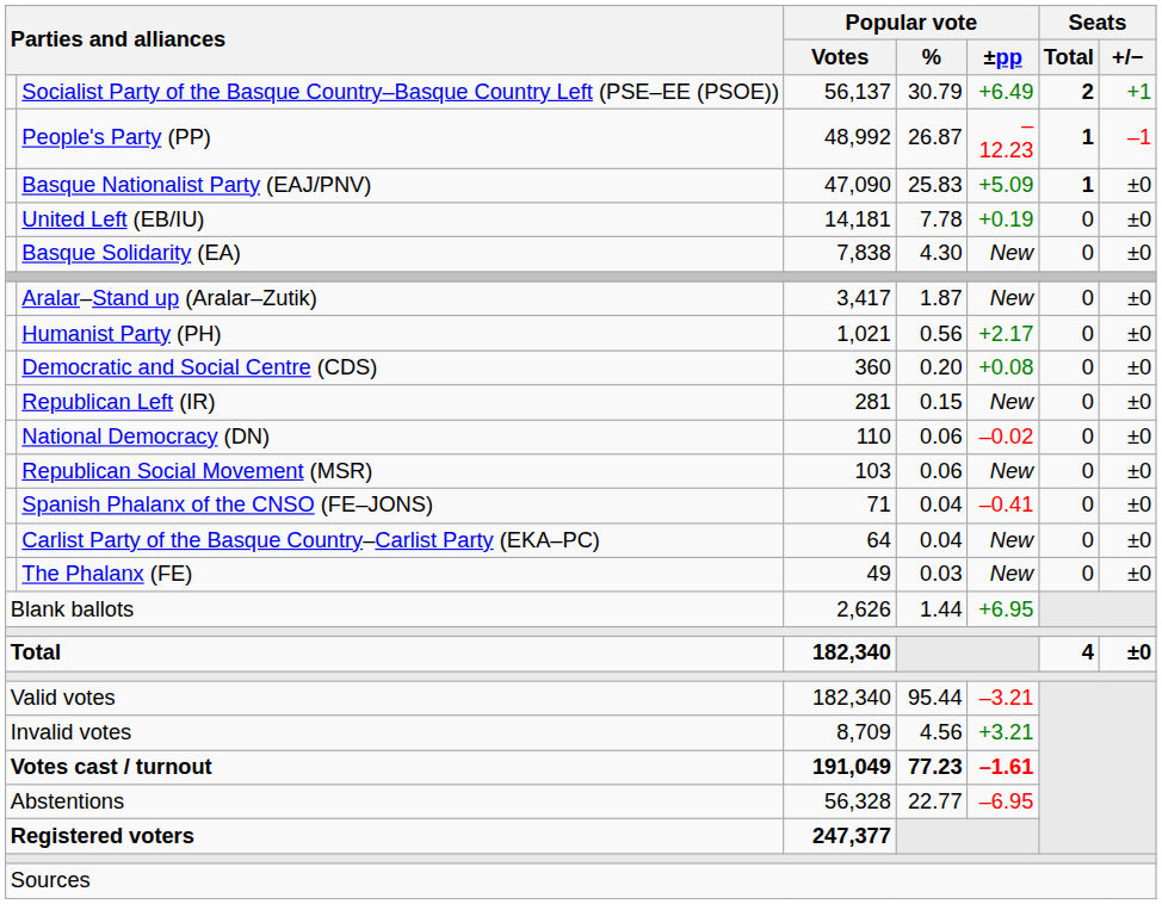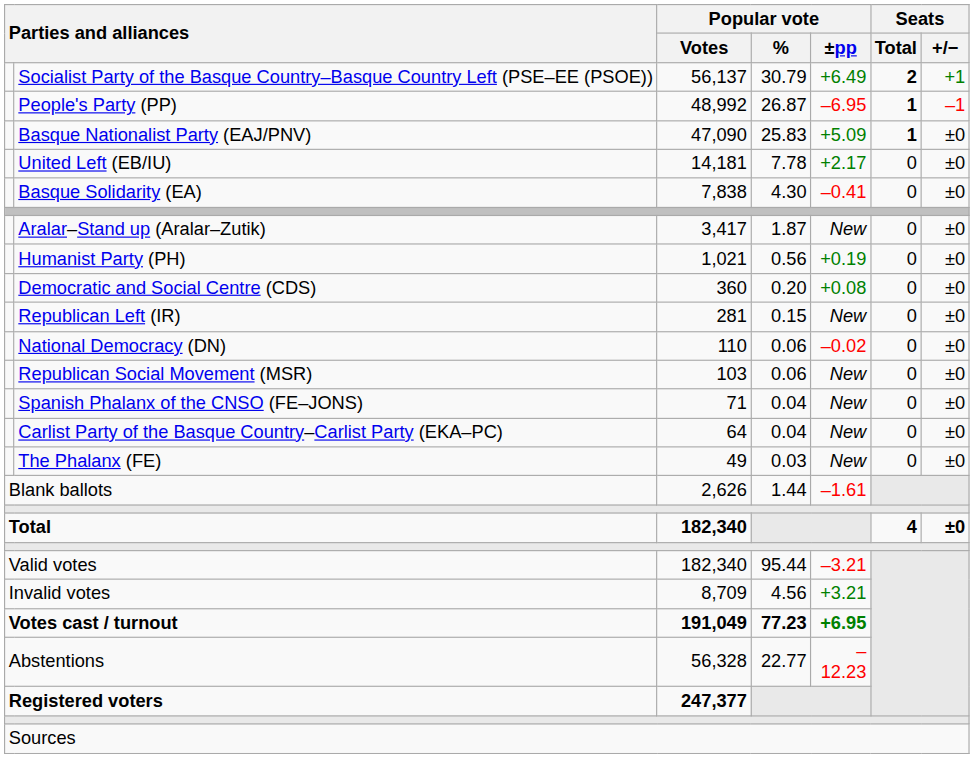 <table class="wikitable" style="text-align:right;">
 <tr>
 <th style="text-align:left;" rowspan="2" colspan="2" width="525">Parties and alliances</th>
 <th colspan="3">Popular vote</th>
 <th colspan="2">Seats</th>
 </tr>
 <tr>
 <th width="75">Votes</th>
 <th width="45">%</th>
 <th width="45">±<a href='#'>pp</a></th>
 <th width="35">Total</th>
 <th width="35">+/−</th>
 </tr>
 <tr>
 <td width="1" style="color:inherit;background:"></td>
 <td align="left"><a href='#'>Socialist Party of the Basque Country–Basque Country Left</a> (PSE–EE (PSOE))</td>
 <td>56,137</td>
 <td>30.79</td>
 <td style="color:green;">+6.49</td>
 <td><strong>2</strong></td>
 <td style="color:green;">+1</td>
 </tr>
 <tr>
 <td style="color:inherit;background:"></td>
 <td align="left"><a href='#'>People's Party</a> (PP)</td>
 <td>48,992</td>
 <td>26.87</td>
-<td style="color:red;">–12.23</td>
+<td style="color:red;">–6.95</td>
 <td><strong>1</strong></td>
 <td style="color:red;">–1</td>
 </tr>
 <tr>
 <td style="color:inherit;background:"></td>
 <td align="left"><a href='#'>Basque Nationalist Party</a> (EAJ/PNV)</td>
 <td>47,090</td>
 <td>25.83</td>
 <td style="color:green;">+5.09</td>
 <td><strong>1</strong></td>
 <td>±0</td>
 </tr>
 <tr>
 <td style="color:inherit;background:"></td>
 <td align="left"><a href='#'>United Left</a> (EB/IU)</td>
 <td>14,181</td>
 <td>7.78</td>
-<td style="color:green;">+0.19</td>
+<td style="color:green;">+2.17</td>
 <td>0</td>
 <td>±0</td>
 </tr>
 <tr>
 <td style="color:inherit;background:"></td>
 <td align="left"><a href='#'>Basque Solidarity</a> (EA)</td>
 <td>7,838</td>
 <td>4.30</td>
-<td><em>New</em></td>
+<td style="color:red;">–0.41</td>
 <td>0</td>
 <td>±0</td>
 </tr>
 <tr>
 <td colspan="7" bgcolor="#C0C0C0"></td>
 </tr>
 <tr>
 <td style="color:inherit;background:"></td>
 <td align="left"><a href='#'>Aralar</a>–<a href='#'>Stand up</a> (Aralar–Zutik)</td>
 <td>3,417</td>
 <td>1.87</td>
 <td><em>New</em></td>
 <td>0</td>
 <td>±0</td>
 </tr>
 <tr>
 <td style="color:inherit;background:"></td>
 <td align="left"><a href='#'>Humanist Party</a> (PH)</td>
 <td>1,021</td>
 <td>0.56</td>
-<td style="color:green;">+2.17</td>
+<td style="color:green;">+0.19</td>
 <td>0</td>
 <td>±0</td>
 </tr>
 <tr>
 <td style="color:inherit;background:"></td>
 <td align="left"><a href='#'>Democratic and Social Centre</a> (CDS)</td>
 <td>360</td>
 <td>0.20</td>
 <td style="color:green;">+0.08</td>
 <td>0</td>
 <td>±0</td>
 </tr>
 <tr>
 <td style="color:inherit;background:"></td>
 <td align="left"><a href='#'>Republican Left</a> (IR)</td>
 <td>281</td>
 <td>0.15</td>
 <td><em>New</em></td>
 <td>0</td>
 <td>±0</td>
 </tr>
 <tr>
 <td style="color:inherit;background:"></td>
 <td align="left"><a href='#'>National Democracy</a> (DN)</td>
 <td>110</td>
 <td>0.06</td>
 <td style="color:red;">–0.02</td>
 <td>0</td>
 <td>±0</td>
 </tr>
 <tr>
 <td style="color:inherit;background:"></td>
 <td align="left"><a href='#'>Republican Social Movement</a> (MSR)</td>
 <td>103</td>
 <td>0.06</td>
 <td><em>New</em></td>
 <td>0</td>
 <td>±0</td>
 </tr>
 <tr>
 <td style="color:inherit;background:"></td>
 <td align="left"><a href='#'>Spanish Phalanx of the CNSO</a> (FE–JONS)</td>
 <td>71</td>
 <td>0.04</td>
-<td style="color:red;">–0.41</td>
+<td><em>New</em></td>
 <td>0</td>
 <td>±0</td>
 </tr>
 <tr>
 <td style="color:inherit;background:"></td>
 <td align="left"><a href='#'>Carlist Party of the Basque Country</a>–<a href='#'>Carlist Party</a> (EKA–PC)</td>
 <td>64</td>
 <td>0.04</td>
 <td><em>New</em></td>
 <td>0</td>
 <td>±0</td>
 </tr>
 <tr>
 <td style="color:inherit;background:"></td>
 <td align="left"><a href='#'>The Phalanx</a> (FE)</td>
 <td>49</td>
 <td>0.03</td>
 <td><em>New</em></td>
 <td>0</td>
 <td>±0</td>
 </tr>
 <tr>
 <td align="left" colspan="2">Blank ballots</td>
 <td>2,626</td>
 <td>1.44</td>
-<td style="color:green;">+6.95</td>
+<td style="color:red;">–1.61</td>
 <td bgcolor="#E9E9E9" colspan="2"></td>
 </tr>
 <tr>
 <td colspan="7" bgcolor="#E9E9E9"></td>
 </tr>
 <tr style="font-weight:bold;">
 <td align="left" colspan="2">Total</td>
 <td>182,340</td>
 <td bgcolor="#E9E9E9" colspan="2"></td>
 <td>4</td>
 <td>±0</td>
 </tr>
 <tr>
 <td colspan="7" bgcolor="#E9E9E9"></td>
 </tr>
 <tr>
 <td align="left" colspan="2">Valid votes</td>
 <td>182,340</td>
 <td>95.44</td>
 <td style="color:red;">–3.21</td>
 <td bgcolor="#E9E9E9" colspan="2" rowspan="5"></td>
 </tr>
 <tr>
 <td align="left" colspan="2">Invalid votes</td>
 <td>8,709</td>
 <td>4.56</td>
 <td style="color:green;">+3.21</td>
 </tr>
 <tr style="font-weight:bold;">
 <td align="left" colspan="2">Votes cast / turnout</td>
 <td>191,049</td>
 <td>77.23</td>
-<td style="color:red;">–1.61</td>
+<td style="color:green;">+6.95</td>
 </tr>
 <tr>
 <td align="left" colspan="2">Abstentions</td>
 <td>56,328</td>
 <td>22.77</td>
-<td style="color:red;">–6.95</td>
+<td style="color:red;">–12.23</td>
 </tr>
 <tr style="font-weight:bold;">
 <td align="left" colspan="2">Registered voters</td>
 <td>247,377</td>
 <td bgcolor="#E9E9E9" colspan="2"></td>
 </tr>
 <tr>
 <td colspan="7" bgcolor="#E9E9E9"></td>
 </tr>
 <tr>
 <td align="left" colspan="7">Sources</td>
 </tr>
 </table>
